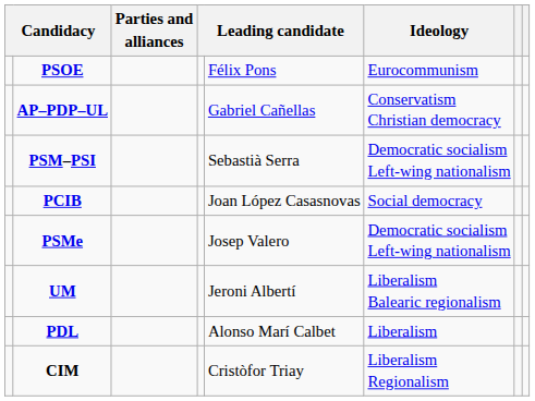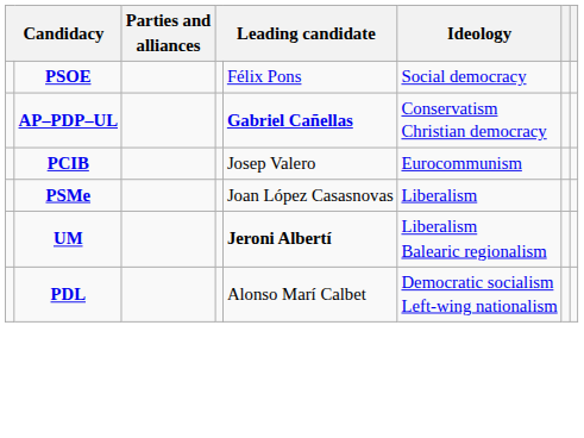 <table class="wikitable" style="line-height:1.35em; text-align:left;">
 <tr>
 <th colspan="2">Candidacy</th>
 <th>Parties and<br>alliances</th>
 <th colspan="2">Leading candidate</th>
 <th>Ideology</th>
 <th></th>
 <th></th>
 </tr>
 <tr>
 <td width="1" style="color:inherit;background:"></td>
 <td align="center"><strong><a href='#'>PSOE</a></strong></td>
 <td></td>
 <td></td>
 <td><a href='#'>Félix Pons</a></td>
-<td><a href='#'>Eurocommunism</a></td>
+<td><a href='#'>Social democracy</a></td>
 <td></td>
 <td></td>
 </tr>
 <tr>
 <td style="color:inherit;background:"></td>
 <td align="center"><strong><a href='#'>AP–PDP–UL</a></strong></td>
 <td></td>
 <td></td>
-<td><a href='#'>Gabriel Cañellas</a></td>
+<td><strong><a href='#'>Gabriel Cañellas</a></strong></td>
 <td><a href='#'>Conservatism</a><br><a href='#'>Christian democracy</a></td>
-<td></td>
-<td></td>
-</tr>
-<tr>
-<td style="color:inherit;background:"></td>
-<td align="center"><strong><a href='#'>PSM</a>–<a href='#'>PSI</a></strong></td>
-<td></td>
-<td></td>
-<td>Sebastià Serra</td>
-<td><a href='#'>Democratic socialism</a><br><a href='#'>Left-wing nationalism</a></td>
 <td></td>
 <td></td>
 </tr>
 <tr>
 <td style="color:inherit;background:"></td>
 <td align="center"><strong><a href='#'>PCIB</a></strong></td>
 <td></td>
 <td></td>
-<td>Joan López Casasnovas</td>
-<td><a href='#'>Social democracy</a></td>
+<td>Josep Valero</td>
+<td><a href='#'>Eurocommunism</a></td>
 <td></td>
 <td></td>
 </tr>
 <tr>
 <td style="color:inherit;background:"></td>
 <td align="center"><strong><a href='#'>PSMe</a></strong></td>
 <td></td>
 <td></td>
-<td>Josep Valero</td>
-<td><a href='#'>Democratic socialism</a><br><a href='#'>Left-wing nationalism</a></td>
+<td>Joan López Casasnovas</td>
+<td><a href='#'>Liberalism</a></td>
 <td></td>
 <td></td>
 </tr>
 <tr>
 <td style="color:inherit;background:"></td>
 <td align="center"><strong><a href='#'>UM</a></strong></td>
 <td></td>
 <td></td>
-<td>Jeroni Albertí</td>
+<td><strong>Jeroni Albertí</strong></td>
 <td><a href='#'>Liberalism</a><br><a href='#'>Balearic regionalism</a></td>
 <td></td>
 <td></td>
 </tr>
 <tr>
 <td style="color:inherit;background:"></td>
 <td align="center"><strong><a href='#'>PDL</a></strong></td>
 <td></td>
 <td></td>
 <td>Alonso Marí Calbet</td>
-<td><a href='#'>Liberalism</a></td>
-<td></td>
-<td></td>
-</tr>
-<tr>
-<td style="color:inherit;background:"></td>
-<td align="center"><strong>CIM</strong></td>
-<td></td>
-<td></td>
-<td>Cristòfor Triay</td>
-<td><a href='#'>Liberalism</a><br><a href='#'>Regionalism</a></td>
+<td><a href='#'>Democratic socialism</a><br><a href='#'>Left-wing nationalism</a></td>
 <td></td>
 <td></td>
 </tr>
 </table>
